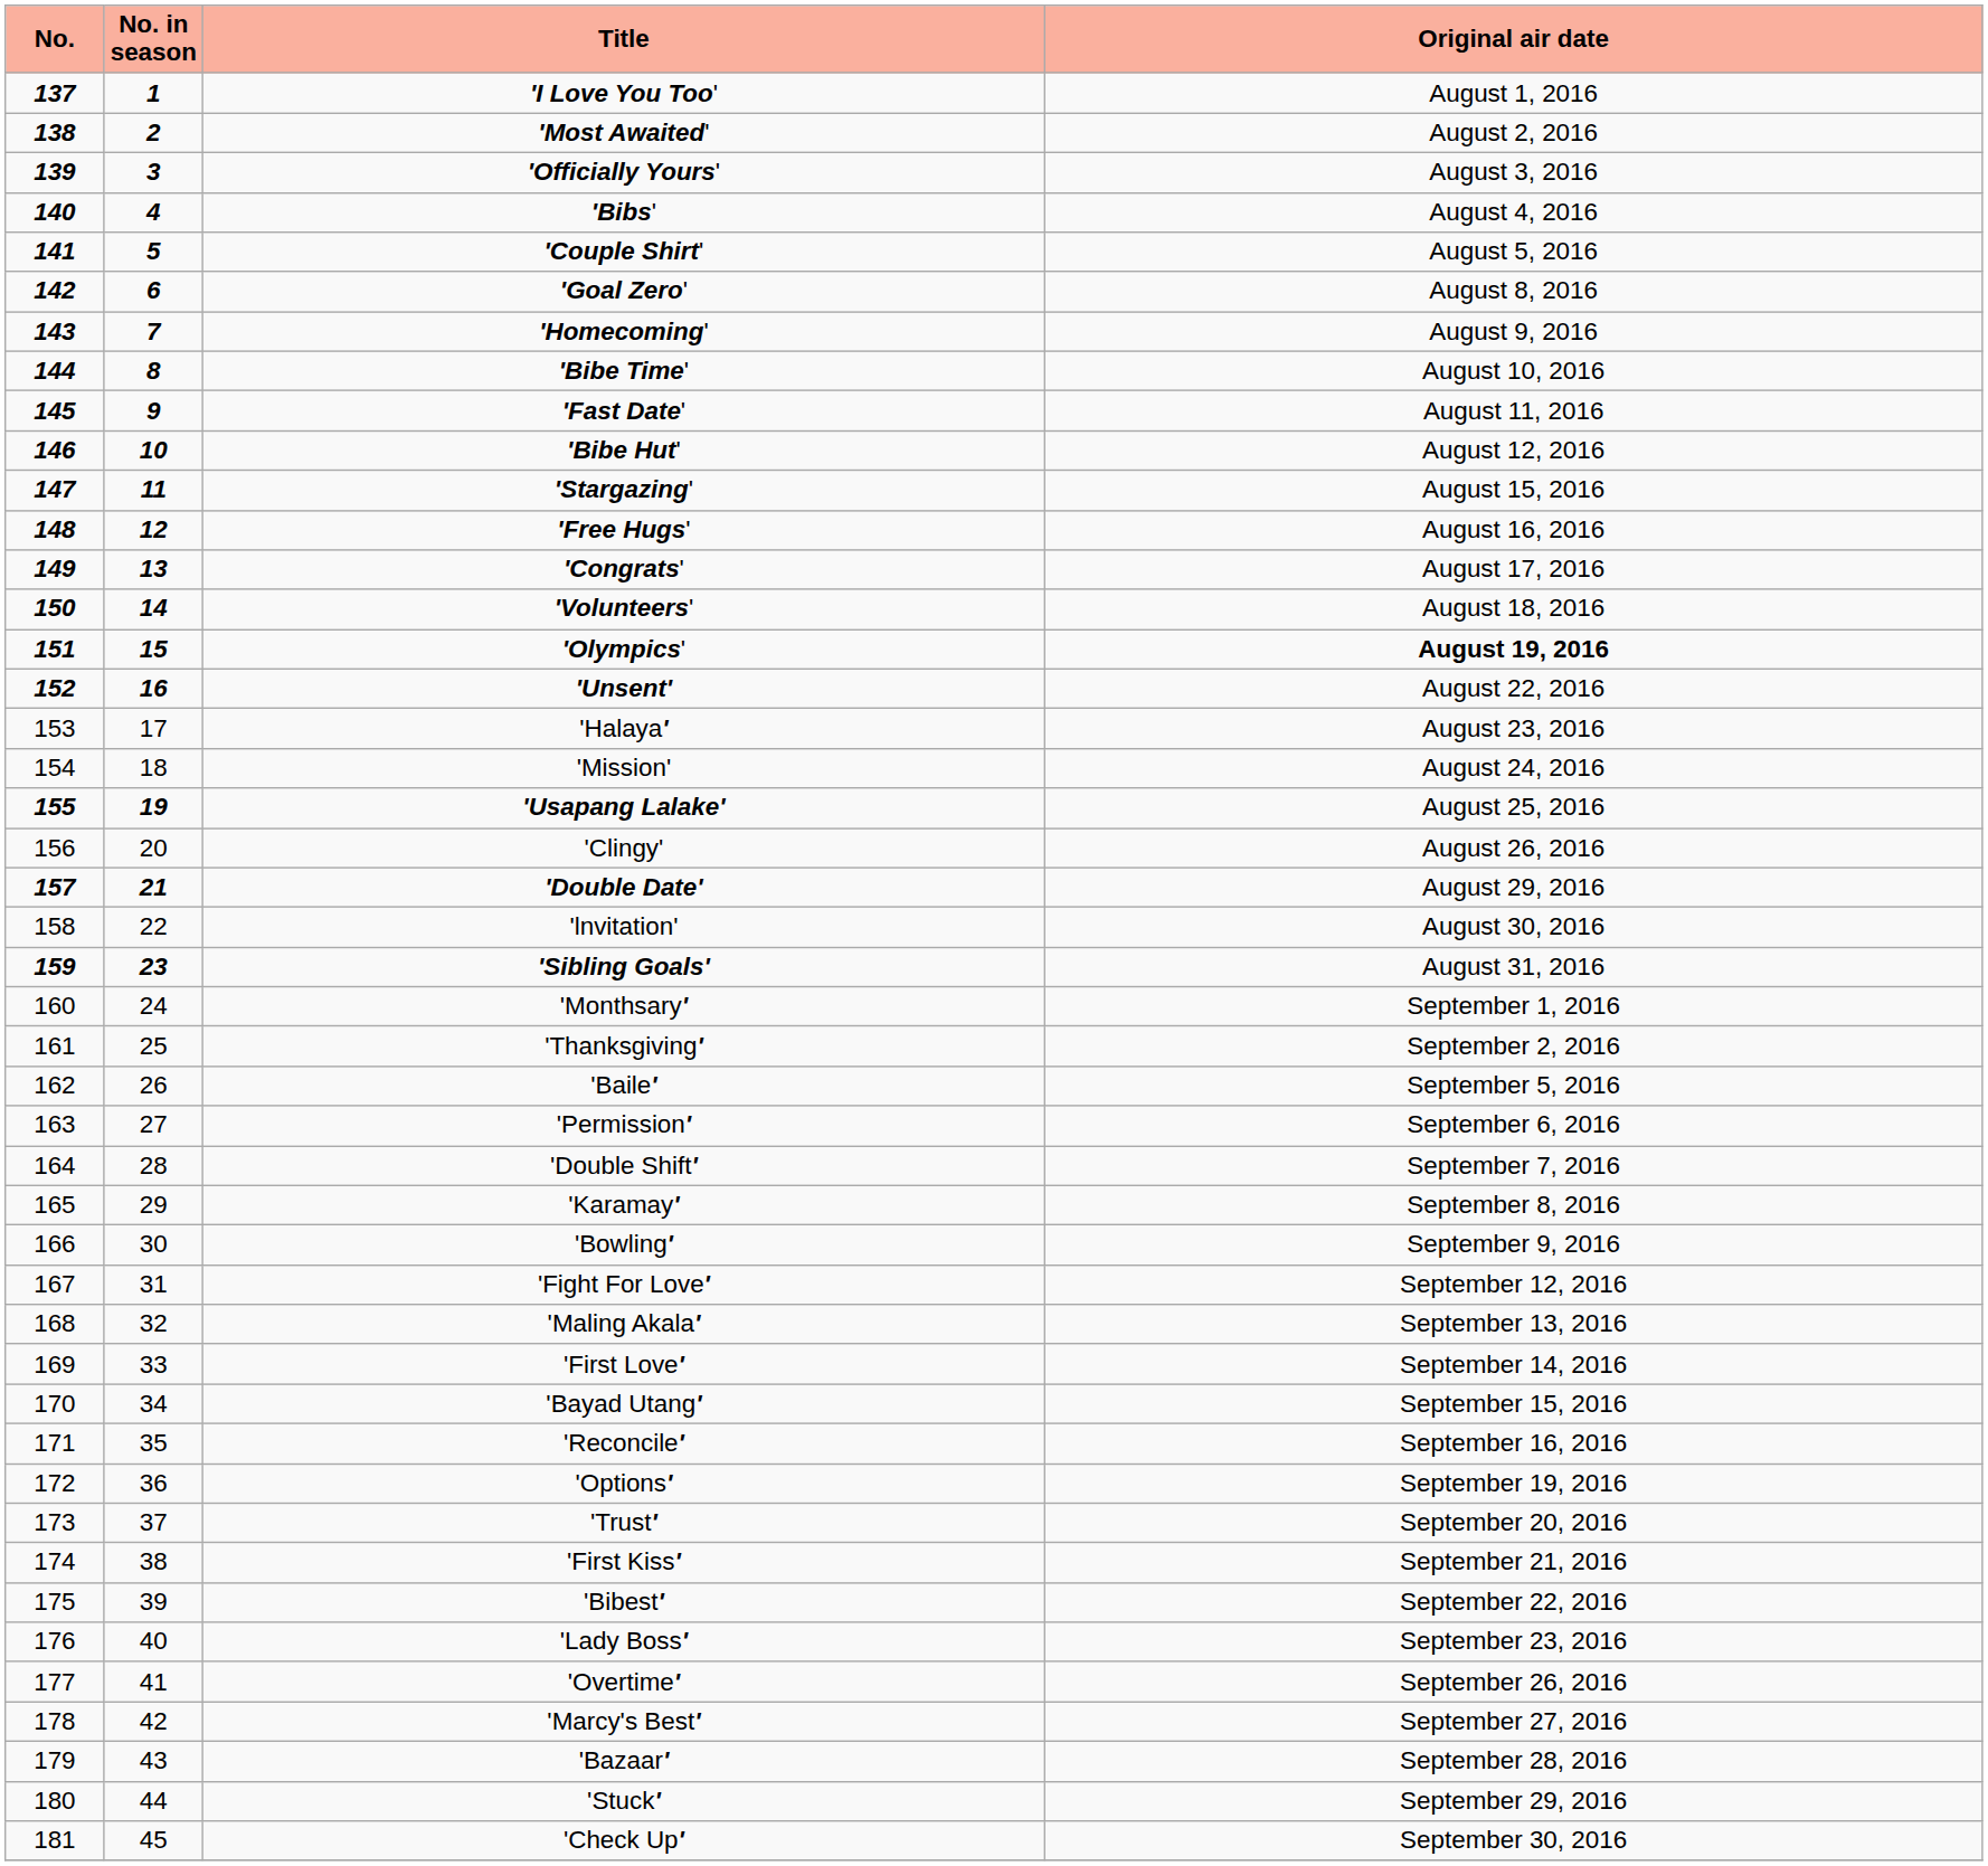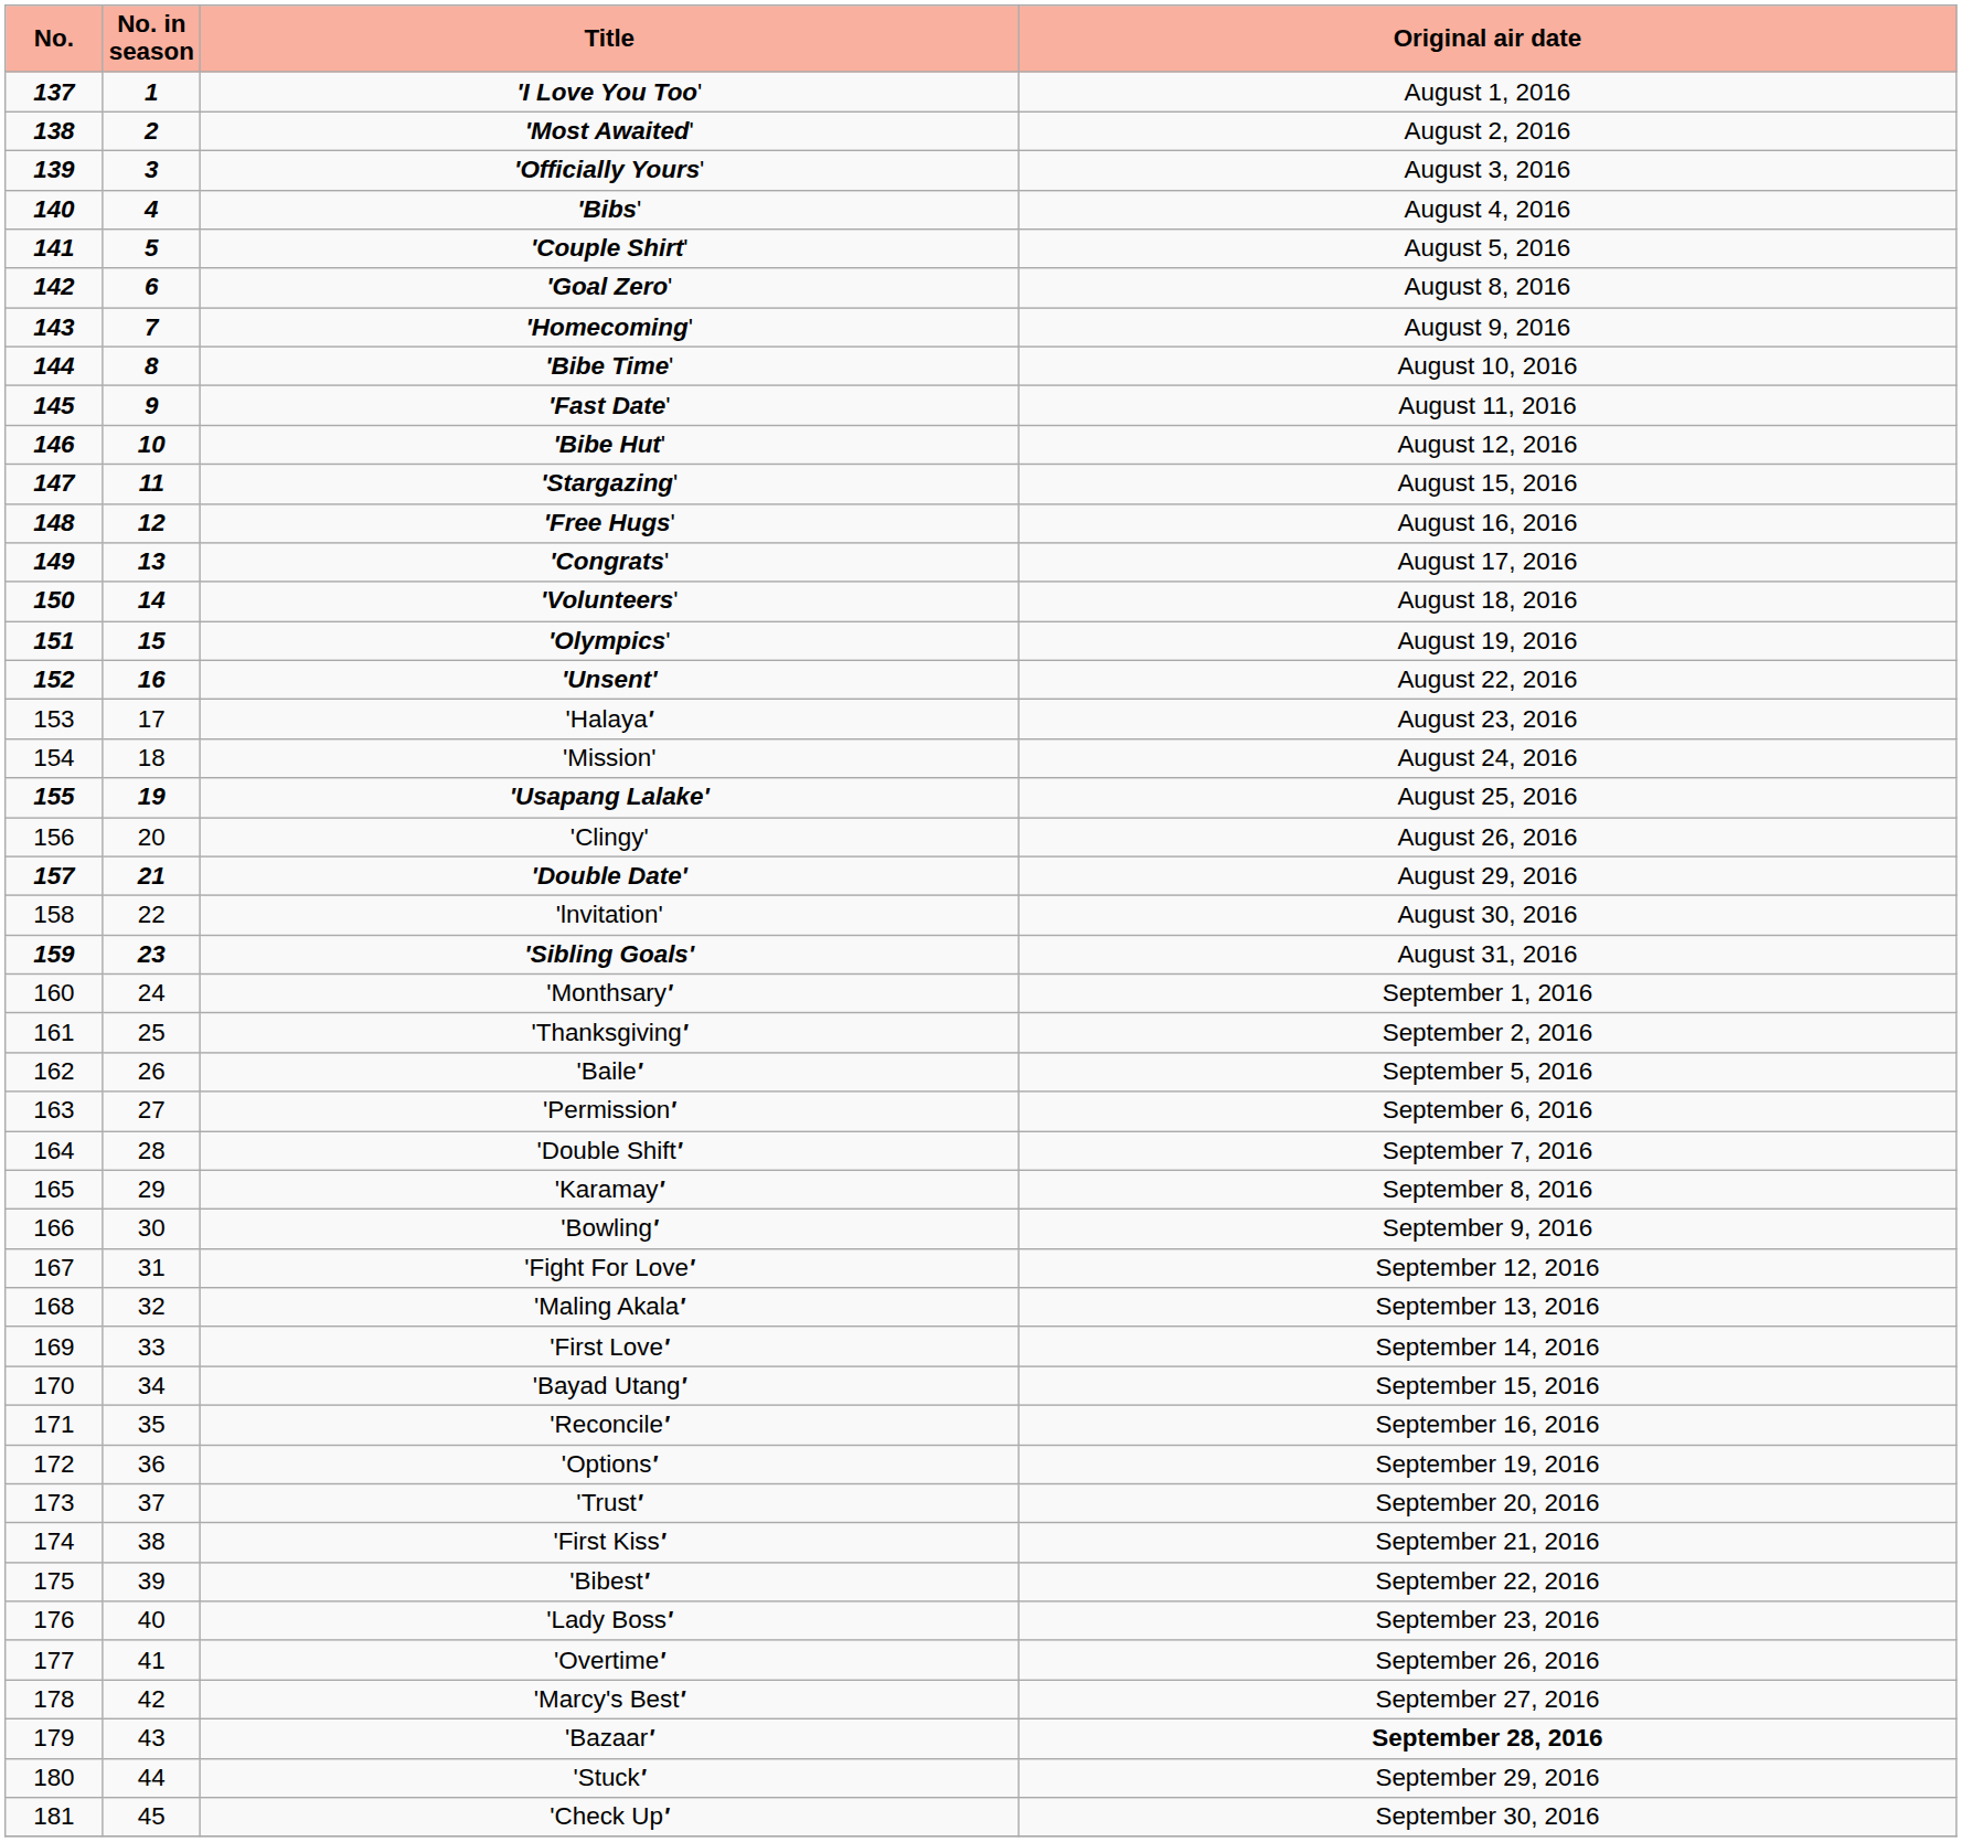 <table style="text-align:center; font-size:100%; line-height:18px;" class="wikitable" width="100%">
 <tr>
 <th style="background:#FAB09E; color:#000000" width=5%>No.</th>
 <th style="background:#FAB09E; color:#000000" width=5%>No. in season</th>
 <th style="background:#FAB09E; color:#000000">Title</th>
 <th style="background:#FAB09E; color:#000000">Original air date</th>
 </tr>
 <tr>
 <td><strong><em>137</em></strong></td>
 <td><strong><em>1</em></strong></td>
 <td><strong><em>'I Love You Too</em></strong>'</td>
 <td>August 1, 2016</td>
 </tr>
 <tr>
 <td><strong><em>138</em></strong></td>
 <td><strong><em>2</em></strong></td>
 <td><strong><em>'Most Awaited</em></strong>'</td>
 <td>August 2, 2016</td>
 </tr>
 <tr>
 <td><strong><em>139</em></strong></td>
 <td><strong><em>3</em></strong></td>
 <td><strong><em>'Officially Yours</em></strong>'</td>
 <td>August 3, 2016</td>
 </tr>
 <tr>
 <td><strong><em>140</em></strong></td>
 <td><strong><em>4</em></strong></td>
 <td><strong><em>'Bibs</em></strong>'</td>
 <td>August 4, 2016</td>
 </tr>
 <tr>
 <td><strong><em>141</em></strong></td>
 <td><strong><em>5</em></strong></td>
 <td><strong><em>'Couple Shirt</em></strong>'</td>
 <td>August 5, 2016</td>
 </tr>
 <tr>
 <td><strong><em>142</em></strong></td>
 <td><strong><em>6</em></strong></td>
 <td><strong><em>'Goal Zero</em></strong>'</td>
 <td>August 8, 2016</td>
 </tr>
 <tr>
 <td><strong><em>143</em></strong></td>
 <td><strong><em>7</em></strong></td>
 <td><strong><em>'Homecoming</em></strong>'</td>
 <td>August 9, 2016</td>
 </tr>
 <tr>
 <td><strong><em>144</em></strong></td>
 <td><strong><em>8</em></strong></td>
 <td><strong><em>'Bibe Time</em></strong>'</td>
 <td>August 10, 2016</td>
 </tr>
 <tr>
 <td><strong><em>145</em></strong></td>
 <td><strong><em>9</em></strong></td>
 <td><strong><em>'Fast Date</em></strong>'</td>
 <td>August 11, 2016</td>
 </tr>
 <tr>
 <td><strong><em>146</em></strong></td>
 <td><strong><em>10</em></strong></td>
 <td><strong><em>'Bibe Hut</em></strong>'</td>
 <td>August 12, 2016</td>
 </tr>
 <tr>
 <td><strong><em>147</em></strong></td>
 <td><strong><em>11</em></strong></td>
 <td><strong><em>'Stargazing</em></strong>'</td>
 <td>August 15, 2016</td>
 </tr>
 <tr>
 <td><strong><em>148</em></strong></td>
 <td><strong><em>12</em></strong></td>
 <td><strong><em>'Free Hugs</em></strong>'</td>
 <td>August 16, 2016</td>
 </tr>
 <tr>
 <td><strong><em>149</em></strong></td>
 <td><strong><em>13</em></strong></td>
 <td><strong><em>'Congrats</em></strong>'</td>
 <td>August 17, 2016</td>
 </tr>
 <tr>
 <td><strong><em>150</em></strong></td>
 <td><strong><em>14</em></strong></td>
 <td><strong><em>'Volunteers</em></strong>'</td>
 <td>August 18, 2016</td>
 </tr>
 <tr>
 <td><strong><em>151</em></strong></td>
 <td><strong><em>15</em></strong></td>
 <td><strong><em>'Olympics</em></strong>'</td>
-<td><strong>August 19, 2016</strong></td>
+<td>August 19, 2016</td>
 </tr>
 <tr>
 <td><strong><em>152</em></strong></td>
 <td><strong><em>16</em></strong></td>
 <td><strong><em>'Unsent'<strong><em></td>
 <td>August 22, 2016</td>
 </tr>
 <tr>
 <td></em></strong>153<strong><em></td>
 <td></em></strong>17<strong><em></td>
 <td></em></strong>'Halaya<strong><em>'</td>
 <td>August 23, 2016</td>
 </tr>
 <tr>
 <td></em></strong>154<strong><em></td>
 <td></em></strong>18<strong><em></td>
 <td></strong></em>'Mission'</em></strong></td>
 <td>August 24, 2016</td>
 </tr>
 <tr>
 <td><strong><em>155</em></strong></td>
 <td><strong><em>19</em></strong></td>
 <td><strong><em>'Usapang Lalake'<strong><em></td>
 <td>August 25, 2016</td>
 </tr>
 <tr>
 <td></em></strong>156<strong><em></td>
 <td></em></strong>20<strong><em></td>
 <td></strong></em>'Clingy'</em></strong></td>
 <td>August 26, 2016</td>
 </tr>
 <tr>
 <td><strong><em>157</em></strong></td>
 <td><strong><em>21</em></strong></td>
 <td><strong><em>'Double Date'<strong><em></td>
 <td>August 29, 2016</td>
 </tr>
 <tr>
 <td></em></strong>158<strong><em></td>
 <td></em></strong>22<strong><em></td>
 <td></strong></em>'lnvitation'</em></strong></td>
 <td>August 30, 2016</td>
 </tr>
 <tr>
 <td><strong><em>159</em></strong></td>
 <td><strong><em>23</em></strong></td>
 <td><strong><em>'Sibling Goals'<strong><em></td>
 <td>August 31, 2016</td>
 </tr>
 <tr>
 <td></em></strong>160<strong><em></td>
 <td></em></strong>24<strong><em></td>
 <td></em></strong>'Monthsary<strong><em>'</td>
 <td>September 1, 2016</td>
 </tr>
 <tr>
 <td></em></strong>161<strong><em></td>
 <td></em></strong>25<strong><em></td>
 <td></em></strong>'Thanksgiving<strong><em>'</td>
 <td>September 2, 2016</td>
 </tr>
 <tr>
 <td></em></strong>162<strong><em></td>
 <td></em></strong>26<strong><em></td>
 <td></em></strong>'Baile<strong><em>'</td>
 <td>September 5, 2016</td>
 </tr>
 <tr>
 <td></em></strong>163<strong><em></td>
 <td></em></strong>27<strong><em></td>
 <td></em></strong>'Permission<strong><em>'</td>
 <td>September 6, 2016</td>
 </tr>
 <tr>
 <td></em></strong>164<strong><em></td>
 <td></em></strong>28<strong><em></td>
 <td></em></strong>'Double Shift<strong><em>'</td>
 <td>September 7, 2016</td>
 </tr>
 <tr>
 <td></em></strong>165<strong><em></td>
 <td></em></strong>29<strong><em></td>
 <td></em></strong>'Karamay<strong><em>'</td>
 <td>September 8, 2016</td>
 </tr>
 <tr>
 <td></em></strong>166<strong><em></td>
 <td></em></strong>30<strong><em></td>
 <td></em></strong>'Bowling<strong><em>'</td>
 <td>September 9, 2016</td>
 </tr>
 <tr>
 <td></em></strong>167<strong><em></td>
 <td></em></strong>31<strong><em></td>
 <td></em></strong>'Fight For Love<strong><em>'</td>
 <td>September 12, 2016</td>
 </tr>
 <tr>
 <td></em></strong>168<strong><em></td>
 <td></em></strong>32<strong><em></td>
 <td></em></strong>'Maling Akala<strong><em>'</td>
 <td>September 13, 2016</td>
 </tr>
 <tr>
 <td></em></strong>169<strong><em></td>
 <td></em></strong>33<strong><em></td>
 <td></em></strong>'First Love<strong><em>'</td>
 <td>September 14, 2016</td>
 </tr>
 <tr>
 <td></em></strong>170<strong><em></td>
 <td></em></strong>34<strong><em></td>
 <td></em></strong>'Bayad Utang<strong><em>'</td>
 <td>September 15, 2016</td>
 </tr>
 <tr>
 <td></em></strong>171<strong><em></td>
 <td></em></strong>35<strong><em></td>
 <td></em></strong>'Reconcile<strong><em>'</td>
 <td>September 16, 2016</td>
 </tr>
 <tr>
 <td></em></strong>172<strong><em></td>
 <td></em></strong>36<strong><em></td>
 <td></em></strong>'Options<strong><em>'</td>
 <td>September 19, 2016</td>
 </tr>
 <tr>
 <td></em></strong>173<strong><em></td>
 <td></em></strong>37<strong><em></td>
 <td></em></strong>'Trust<strong><em>'</td>
 <td>September 20, 2016</td>
 </tr>
 <tr>
 <td></em></strong>174<strong><em></td>
 <td></em></strong>38<strong><em></td>
 <td></em></strong>'First Kiss<strong><em>'</td>
 <td>September 21, 2016</td>
 </tr>
 <tr>
 <td></em></strong>175<strong><em></td>
 <td></em></strong>39<strong><em></td>
 <td></em></strong>'Bibest<strong><em>'</td>
 <td>September 22, 2016</td>
 </tr>
 <tr>
 <td></em></strong>176<strong><em></td>
 <td></em></strong>40<strong><em></td>
 <td></em></strong>'Lady Boss<strong><em>'</td>
 <td>September 23, 2016</td>
 </tr>
 <tr>
 <td></em></strong>177<strong><em></td>
 <td></em></strong>41<strong><em></td>
 <td></em></strong>'Overtime<strong><em>'</td>
 <td>September 26, 2016</td>
 </tr>
 <tr>
 <td></em></strong>178<strong><em></td>
 <td></em></strong>42<strong><em></td>
 <td></em></strong>'Marcy's Best<strong><em>'</td>
 <td>September 27, 2016</td>
 </tr>
 <tr>
 <td></em></strong>179<strong><em></td>
 <td></em></strong>43<strong><em></td>
 <td></em></strong>'Bazaar<strong><em>'</td>
-<td>September 28, 2016</td>
+<td><strong>September 28, 2016</strong></td>
 </tr>
 <tr>
 <td></em></strong>180<strong><em></td>
 <td></em></strong>44<strong><em></td>
 <td></em></strong>'Stuck<strong><em>'</td>
 <td>September 29, 2016</td>
 </tr>
 <tr>
 <td></em></strong>181<strong><em></td>
 <td></em></strong>45<strong><em></td>
 <td></em></strong>'Check Up<strong><em>'</td>
 <td>September 30, 2016</td>
 </tr>
 <tr>
 </tr>
 </table>
